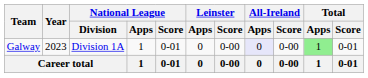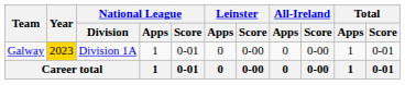 <table class="wikitable" style="text-align:center">
 <tr>
 <th rowspan="2">Team</th>
 <th rowspan="2">Year</th>
 <th colspan="3"><a href='#'>National League</a></th>
 <th colspan="2"><a href='#'>Leinster</a></th>
 <th colspan="2"><a href='#'>All-Ireland</a></th>
 <th colspan="2">Total</th>
 </tr>
 <tr>
 <th>Division</th>
 <th>Apps</th>
 <th>Score</th>
 <th>Apps</th>
 <th>Score</th>
 <th>Apps</th>
 <th>Score</th>
 <th>Apps</th>
 <th>Score</th>
 </tr>
 <tr>
 <td rowspan="1"><a href='#'>Galway</a></td>
-<td>2023</td>
+<td style="background: gold;">2023</td>
 <td rowspan="1"><a href='#'>Division 1A</a></td>
 <td>1</td>
 <td>0-01</td>
 <td>0</td>
 <td>0-00</td>
-<td style="background: lavender;">0</td>
+<td>0</td>
 <td>0-00</td>
-<td style="background: lightgreen;">1</td>
+<td>1</td>
 <td>0-01</td>
 </tr>
 <tr>
 <th colspan="3">Career total</th>
 <th>1</th>
 <th>0-01</th>
 <th>0</th>
 <th>0-00</th>
 <th>0</th>
 <th>0-00</th>
 <th>1</th>
 <th>0-01</th>
 </tr>
 </table>
